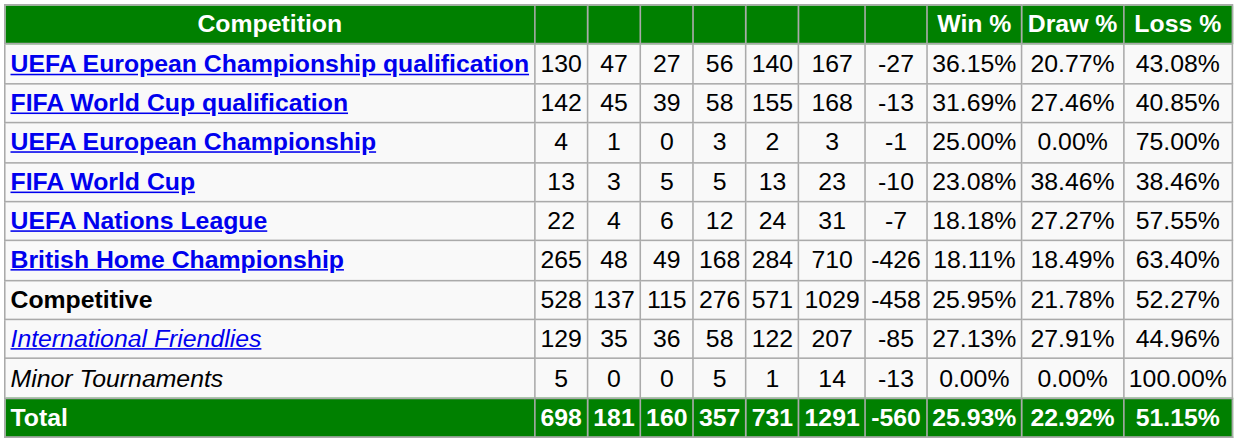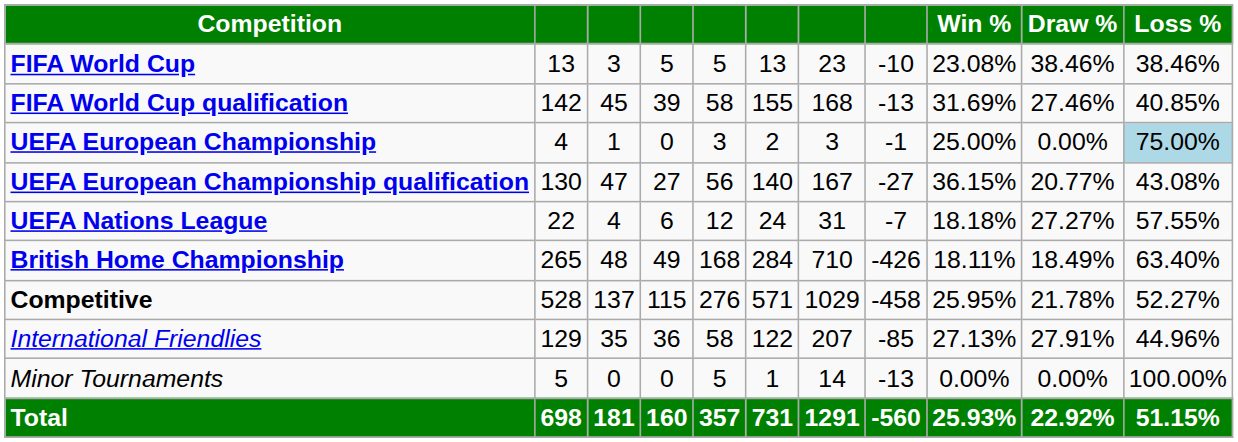 <table class="wikitable sortable" style="text-align:center">
 <tr>
 <th style="background-color:#008000; color:white; ">Competition</th>
 <th style="background-color:#008000; color:white; "></th>
 <th style="background-color:#008000; color:white; "></th>
 <th style="background-color:#008000; color:white; "></th>
 <th style="background-color:#008000; color:white; "></th>
 <th style="background-color:#008000; color:white; "></th>
 <th style="background-color:#008000; color:white; "></th>
 <th style="background-color:#008000; color:white; "></th>
 <th style="background-color:#008000; color:white; ">Win %</th>
 <th style="background-color:#008000; color:white; ">Draw %</th>
 <th style="background-color:#008000; color:white; ">Loss %</th>
 </tr>
 <tr>
-<td style="text-align:left;"><strong><a href='#'>UEFA European Championship qualification</a></strong></td>
-<td>130</td>
-<td>47</td>
-<td>27</td>
-<td>56</td>
-<td>140</td>
-<td>167</td>
-<td>-27</td>
-<td>36.15%</td>
-<td>20.77%</td>
-<td>43.08%</td>
+<td style="text-align:left;"><strong><a href='#'>FIFA World Cup</a></strong></td>
+<td>13</td>
+<td>3</td>
+<td>5</td>
+<td>5</td>
+<td>13</td>
+<td>23</td>
+<td>-10</td>
+<td>23.08%</td>
+<td>38.46%</td>
+<td>38.46%</td>
 </tr>
 <tr>
 <td style="text-align:left;"><strong><a href='#'>FIFA World Cup qualification</a></strong></td>
 <td>142</td>
 <td>45</td>
 <td>39</td>
 <td>58</td>
 <td>155</td>
 <td>168</td>
 <td>-13</td>
 <td>31.69%</td>
 <td>27.46%</td>
 <td>40.85%</td>
 </tr>
 <tr>
 <td style="text-align:left;"><strong><a href='#'>UEFA European Championship</a></strong></td>
 <td>4</td>
 <td>1</td>
 <td>0</td>
 <td>3</td>
 <td>2</td>
 <td>3</td>
 <td>-1</td>
 <td>25.00%</td>
 <td>0.00%</td>
-<td>75.00%</td>
+<td style="background: lightblue;">75.00%</td>
 </tr>
 <tr>
-<td style="text-align:left;"><strong><a href='#'>FIFA World Cup</a></strong></td>
-<td>13</td>
-<td>3</td>
-<td>5</td>
-<td>5</td>
-<td>13</td>
-<td>23</td>
-<td>-10</td>
-<td>23.08%</td>
-<td>38.46%</td>
-<td>38.46%</td>
+<td style="text-align:left;"><strong><a href='#'>UEFA European Championship qualification</a></strong></td>
+<td>130</td>
+<td>47</td>
+<td>27</td>
+<td>56</td>
+<td>140</td>
+<td>167</td>
+<td>-27</td>
+<td>36.15%</td>
+<td>20.77%</td>
+<td>43.08%</td>
 </tr>
 <tr>
 <td style="text-align:left;"><strong><a href='#'>UEFA Nations League</a></strong></td>
 <td>22</td>
 <td>4</td>
 <td>6</td>
 <td>12</td>
 <td>24</td>
 <td>31</td>
 <td>-7</td>
 <td>18.18%</td>
 <td>27.27%</td>
 <td>57.55%</td>
 </tr>
 <tr>
 <td style="text-align:left;"><strong><a href='#'>British Home Championship</a></strong></td>
 <td>265</td>
 <td>48</td>
 <td>49</td>
 <td>168</td>
 <td>284</td>
 <td>710</td>
 <td>-426</td>
 <td>18.11%</td>
 <td>18.49%</td>
 <td>63.40%</td>
 </tr>
 <tr>
 <td style="text-align:left;"><strong>Competitive</strong></td>
 <td>528</td>
 <td>137</td>
 <td>115</td>
 <td>276</td>
 <td>571</td>
 <td>1029</td>
 <td>-458</td>
 <td>25.95%</td>
 <td>21.78%</td>
 <td>52.27%</td>
 </tr>
 <tr>
 <td style="text-align:left;"><em><a href='#'>International Friendlies</a></em></td>
 <td>129</td>
 <td>35</td>
 <td>36</td>
 <td>58</td>
 <td>122</td>
 <td>207</td>
 <td>-85</td>
 <td>27.13%</td>
 <td>27.91%</td>
 <td>44.96%</td>
 </tr>
 <tr>
 <td style="text-align:left;"><em>Minor Tournaments</em></td>
 <td>5</td>
 <td>0</td>
 <td>0</td>
 <td>5</td>
 <td>1</td>
 <td>14</td>
 <td>-13</td>
 <td>0.00%</td>
 <td>0.00%</td>
 <td>100.00%</td>
 </tr>
 <tr class="sortbottom">
 <th style="background-color:#008000; text-align:left; color:white; "><strong>Total</strong></th>
 <th style="background-color:#008000; color:white; "><strong>698</strong></th>
 <th style="background-color:#008000; color:white; "><strong>181</strong></th>
 <th style="background-color:#008000; color:white; "><strong>160</strong></th>
 <th style="background-color:#008000; color:white; "><strong>357</strong></th>
 <th style="background-color:#008000; color:white; "><strong>731</strong></th>
 <th style="background-color:#008000; color:white; "><strong>1291</strong></th>
 <th style="background-color:#008000; color:white; "><strong>-560</strong></th>
 <th style="background-color:#008000; color:white; "><strong>25.93%</strong></th>
 <th style="background-color:#008000; color:white; "><strong>22.92%</strong></th>
 <th style="background-color:#008000; color:white; "><strong>51.15%</strong></th>
 </tr>
 <tr>
 </tr>
 </table>
